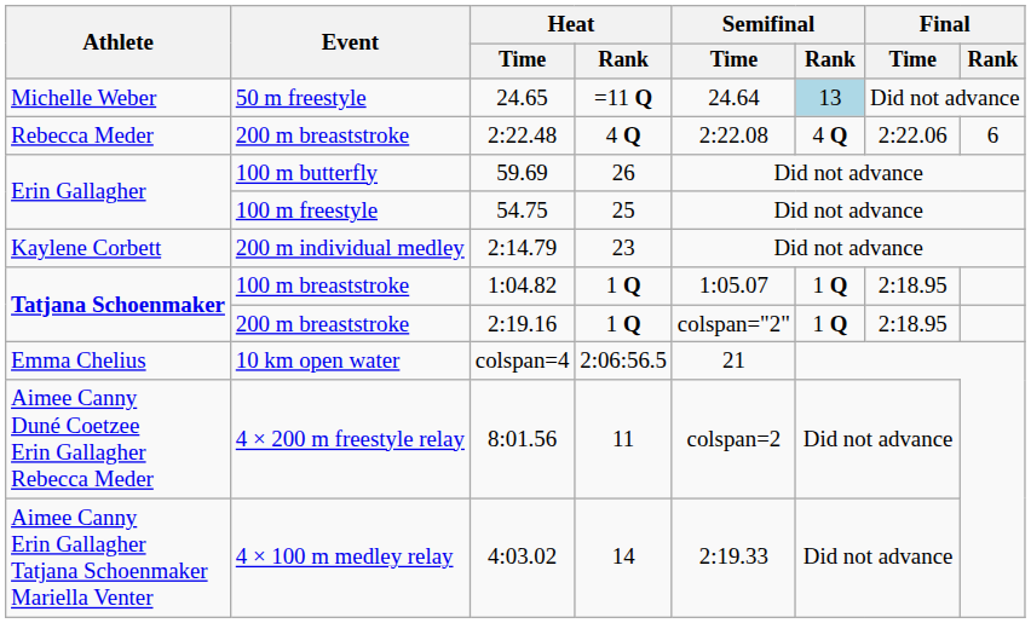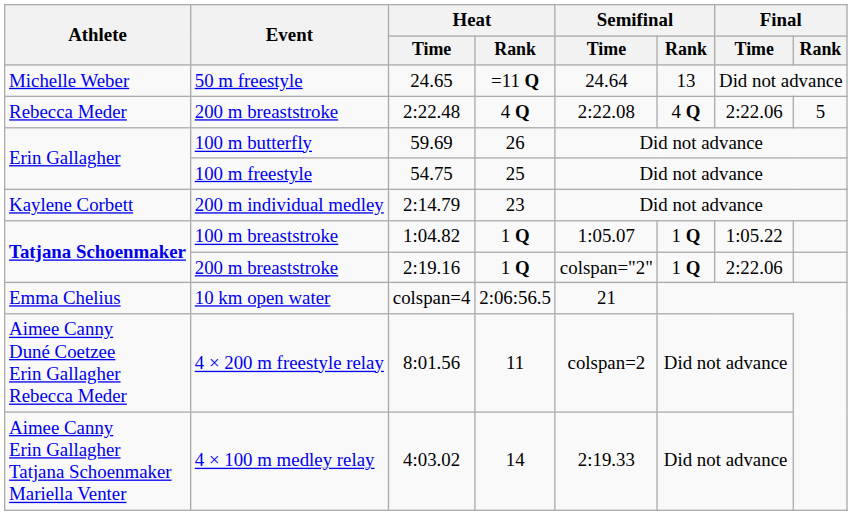 <table class=wikitable style="font-size:90%">
 <tr>
 <th rowspan="2">Athlete</th>
 <th rowspan="2">Event</th>
 <th colspan="2">Heat</th>
 <th colspan="2">Semifinal</th>
 <th colspan="2">Final</th>
 </tr>
 <tr style="font-size:95%">
 <th>Time</th>
 <th>Rank</th>
 <th>Time</th>
 <th>Rank</th>
 <th>Time</th>
 <th>Rank</th>
 </tr>
 <tr align=center>
 <td align=left><a href='#'>Michelle Weber</a></td>
 <td align=left><a href='#'>50 m freestyle</a></td>
 <td>24.65</td>
 <td>=11 <strong>Q</strong></td>
 <td>24.64</td>
-<td style="background: lightblue;">13</td>
+<td>13</td>
 <td colspan="2">Did not advance</td>
 </tr>
 <tr align=center>
 <td align=left><a href='#'>Rebecca Meder</a></td>
 <td align=left><a href='#'>200 m breaststroke</a></td>
 <td>2:22.48</td>
 <td>4 <strong>Q</strong></td>
 <td>2:22.08</td>
 <td>4 <strong>Q</strong></td>
 <td>2:22.06</td>
-<td>6</td>
+<td>5</td>
 </tr>
 <tr align=center>
 <td align=left rowspan="2"><a href='#'>Erin Gallagher</a></td>
 <td align=left><a href='#'>100 m butterfly</a></td>
 <td>59.69</td>
 <td>26</td>
 <td colspan="4">Did not advance</td>
 </tr>
 <tr align=center>
 <td align=left><a href='#'>100 m freestyle</a></td>
 <td>54.75</td>
 <td>25</td>
 <td colspan="4">Did not advance</td>
 </tr>
 <tr align=center>
 <td align=left><a href='#'>Kaylene Corbett</a></td>
 <td align=left><a href='#'>200 m individual medley</a></td>
 <td>2:14.79</td>
 <td>23</td>
 <td colspan="4">Did not advance</td>
 </tr>
 <tr align=center>
 <td align=left rowspan=2><strong><a href='#'>Tatjana Schoenmaker</a></strong></td>
 <td align=left><a href='#'>100 m breaststroke</a></td>
 <td>1:04.82 </td>
 <td>1 <strong>Q</strong></td>
 <td>1:05.07</td>
 <td>1 <strong>Q</strong></td>
-<td>2:18.95 </td>
+<td>1:05.22</td>
 <td></td>
 </tr>
 <tr align=center>
 <td align=left><a href='#'>200 m breaststroke</a></td>
 <td>2:19.16 </td>
 <td>1 <strong>Q</strong></td>
 <td>colspan="2" </td>
 <td>1 <strong>Q</strong></td>
-<td>2:18.95 </td>
+<td>2:22.06</td>
 <td></td>
 </tr>
 <tr align=center>
 <td align=left><a href='#'>Emma Chelius</a></td>
 <td align=left><a href='#'>10 km open water</a></td>
 <td>colspan=4 </td>
 <td>2:06:56.5</td>
 <td>21</td>
 </tr>
 <tr align=center>
 <td align=left><a href='#'>Aimee Canny</a><br><a href='#'>Duné Coetzee</a><br><a href='#'>Erin Gallagher</a><br><a href='#'>Rebecca Meder</a></td>
 <td align=left><a href='#'>4 × 200 m freestyle relay</a></td>
 <td>8:01.56</td>
 <td>11</td>
 <td>colspan=2 </td>
 <td colspan="2">Did not advance</td>
 </tr>
 <tr align=center>
 <td align=left><a href='#'>Aimee Canny</a><br><a href='#'>Erin Gallagher</a><br><a href='#'>Tatjana Schoenmaker</a><br><a href='#'>Mariella Venter</a></td>
 <td align=left><a href='#'>4 × 100 m medley relay</a></td>
 <td>4:03.02</td>
 <td>14</td>
 <td>2:19.33</td>
 <td colspan="2">Did not advance</td>
 </tr>
 </table>
